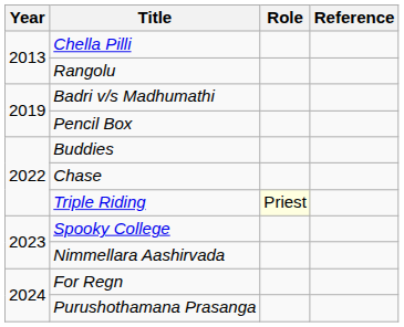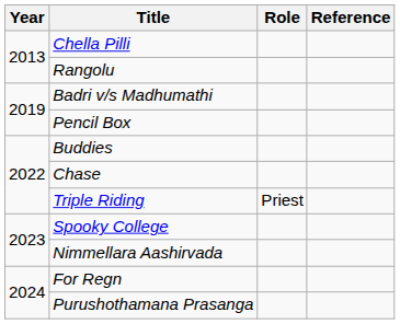 <table class="wikitable plainrowheaders unsortable">
 <tr>
 <th scope="col">Year</th>
 <th scope="col">Title</th>
 <th scope="col">Role</th>
 <th scope="col">Reference</th>
 </tr>
 <tr>
 <td rowspan="2">2013</td>
 <td><em><a href='#'>Chella Pilli</a></em></td>
 <td></td>
 <td></td>
 </tr>
 <tr>
 <td><em>Rangolu</em></td>
 <td></td>
 <td></td>
 </tr>
 <tr>
 <td rowspan="2">2019</td>
 <td><em>Badri v/s Madhumathi</em></td>
 <td></td>
 <td></td>
 </tr>
 <tr>
 <td><em>Pencil Box‌</em></td>
 <td></td>
 <td></td>
 </tr>
 <tr>
 <td rowspan="3">2022</td>
 <td><em>Buddies</em></td>
 <td></td>
 <td></td>
 </tr>
 <tr>
 <td><em>Chase</em></td>
 <td></td>
 <td></td>
 </tr>
 <tr>
 <td><em><a href='#'>Triple Riding</a></em></td>
-<td style="background: lightyellow;">Priest</td>
+<td>Priest</td>
 <td></td>
 </tr>
 <tr>
 <td rowspan="2">2023</td>
 <td><em><a href='#'>Spooky College</a></em></td>
 <td></td>
 <td></td>
 </tr>
 <tr>
 <td><em>Nimmellara Aashirvada</em></td>
 <td></td>
 <td></td>
 </tr>
 <tr>
 <td rowspan="2">2024</td>
 <td><em>For Regn</em></td>
 <td></td>
 <td></td>
 </tr>
 <tr>
 <td><em>Purushothamana Prasanga</em></td>
 <td></td>
 <td></td>
 </tr>
 </table>
